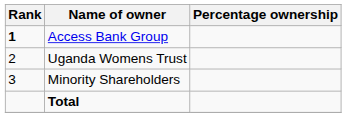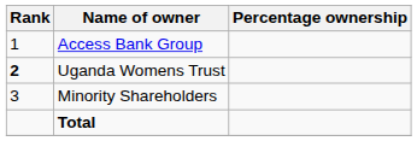 <table class="wikitable sortable" style="margin-left:auto;margin-right:auto">
 <tr>
 <th style="width:2em;">Rank</th>
 <th>Name of owner</th>
 <th>Percentage ownership</th>
 </tr>
 <tr>
-<td><strong>1</strong></td>
+<td>1</td>
 <td><a href='#'>Access Bank Group</a></td>
 <td></td>
 </tr>
 <tr>
-<td>2</td>
+<td><strong>2</strong></td>
 <td>Uganda Womens Trust</td>
 <td></td>
 </tr>
 <tr>
 <td>3</td>
 <td>Minority Shareholders</td>
 <td></td>
 </tr>
 <tr>
 <td></td>
 <td><strong>Total</strong></td>
 <td></td>
 </tr>
 <tr>
 </tr>
 </table>
